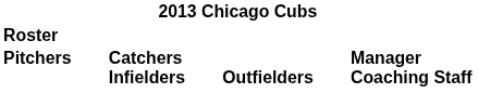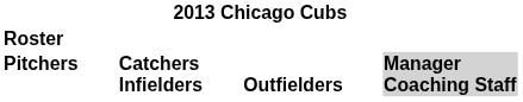 <table class="toccolours" style="font-size: 95%;">
 <tr>
 <th colspan="10">2013 Chicago Cubs</th>
 </tr>
 <tr>
 <td colspan="10"><strong>Roster</strong></td>
 </tr>
 <tr>
 <td valign="top"><strong>Pitchers</strong><br>                              </td>
 <td width="25px"></td>
 <td valign="top"><strong>Catchers</strong><br>   <strong>Infielders</strong>          </td>
 <td width="25px"></td>
 <td valign="top"><br><strong>Outfielders</strong>            </td>
 <td width="25px"></td>
-<td valign="top"><strong>Manager</strong><br> <strong>Coaching Staff</strong>                </td>
+<td valign="top" style="background: lightgrey;"><strong>Manager</strong><br> <strong>Coaching Staff</strong>                </td>
 </tr>
 </table>
